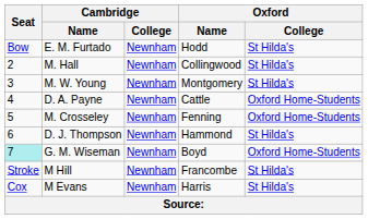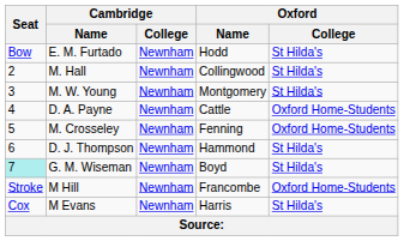 <table class="wikitable">
 <tr>
 <th rowspan="2" scope="col">Seat</th>
 <th colspan="2" scope="col">Cambridge <br> </th>
 <th colspan="2" scope="col">Oxford <br> </th>
 </tr>
 <tr>
 <th>Name</th>
 <th>College</th>
 <th>Name</th>
 <th>College</th>
 </tr>
 <tr>
 <td><a href='#'>Bow</a></td>
 <td>E. M. Furtado</td>
 <td><a href='#'>Newnham</a></td>
 <td>Hodd</td>
 <td><a href='#'>St Hilda's</a></td>
 </tr>
 <tr>
 <td>2</td>
 <td>M. Hall</td>
 <td><a href='#'>Newnham</a></td>
 <td>Collingwood</td>
 <td><a href='#'>St Hilda's</a></td>
 </tr>
 <tr>
 <td>3</td>
 <td>M. W. Young</td>
 <td><a href='#'>Newnham</a></td>
 <td>Montgomery</td>
 <td><a href='#'>St Hilda's</a></td>
 </tr>
 <tr>
 <td>4</td>
 <td>D. A. Payne</td>
 <td><a href='#'>Newnham</a></td>
 <td>Cattle</td>
 <td><a href='#'>Oxford Home-Students</a></td>
 </tr>
 <tr>
 <td>5</td>
 <td>M. Crosseley</td>
 <td><a href='#'>Newnham</a></td>
 <td>Fenning</td>
 <td><a href='#'>Oxford Home-Students</a></td>
 </tr>
 <tr>
 <td>6</td>
 <td>D. J. Thompson</td>
 <td><a href='#'>Newnham</a></td>
 <td>Hammond</td>
 <td><a href='#'>St Hilda's</a></td>
 </tr>
 <tr>
 <td style="background: paleturquoise;">7</td>
 <td>G. M. Wiseman</td>
 <td><a href='#'>Newnham</a></td>
 <td>Boyd</td>
-<td><a href='#'>Oxford Home-Students</a></td>
+<td><a href='#'>St Hilda's</a></td>
 </tr>
 <tr>
 <td><a href='#'>Stroke</a></td>
 <td>M Hill</td>
 <td><a href='#'>Newnham</a></td>
 <td>Francombe</td>
-<td><a href='#'>St Hilda's</a></td>
+<td><a href='#'>Oxford Home-Students</a></td>
 </tr>
 <tr>
 <td><a href='#'>Cox</a></td>
 <td>M Evans</td>
 <td><a href='#'>Newnham</a></td>
 <td>Harris</td>
 <td><a href='#'>St Hilda's</a></td>
 </tr>
 <tr>
 <th colspan="7">Source:</th>
 </tr>
 </table>
